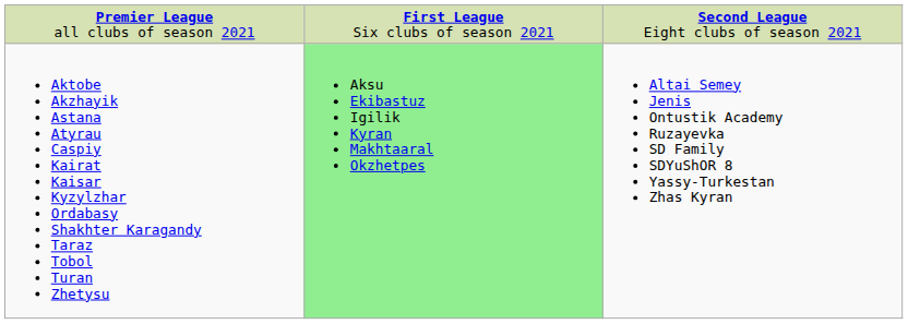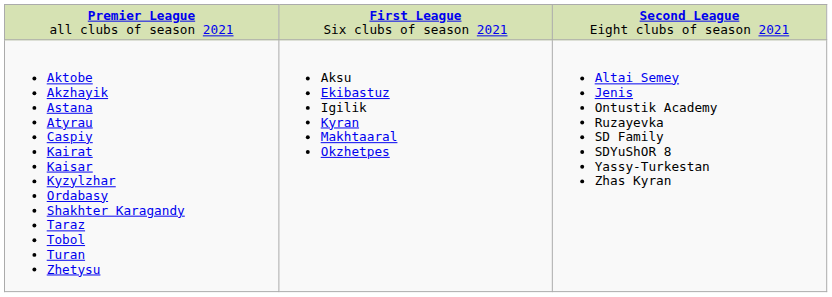 <table class="wikitable">
 <tr valign="top" bgcolor="#D6E2B3">
 <td align="center" width="25%"><strong><a href='#'>Premier League</a></strong><br>all clubs of season <a href='#'>2021</a></td>
 <td align="center" width="25%"><strong><a href='#'>First League</a></strong><br>Six clubs of season <a href='#'>2021</a></td>
 <td align="center" width="25%"><strong><a href='#'>Second League</a></strong><br>Eight clubs of season <a href='#'>2021</a></td>
 </tr>
 <tr valign="top">
 <td><br><ul><li><a href='#'>Aktobe</a></li><li><a href='#'>Akzhayik</a></li><li><a href='#'>Astana</a></li><li><a href='#'>Atyrau</a></li><li><a href='#'>Caspiy</a></li><li><a href='#'>Kairat</a></li><li><a href='#'>Kaisar</a></li><li><a href='#'>Kyzylzhar</a></li><li><a href='#'>Ordabasy</a></li><li><a href='#'>Shakhter Karagandy</a></li><li><a href='#'>Taraz</a></li><li><a href='#'>Tobol</a></li><li><a href='#'>Turan</a></li><li><a href='#'>Zhetysu</a></li></ul></td>
-<td style="background: lightgreen;"><br><ul><li>Aksu</li><li><a href='#'>Ekibastuz</a></li><li>Igilik</li><li><a href='#'>Kyran</a></li><li><a href='#'>Makhtaaral</a></li><li><a href='#'>Okzhetpes</a></li></ul></td>
+<td><br><ul><li>Aksu</li><li><a href='#'>Ekibastuz</a></li><li>Igilik</li><li><a href='#'>Kyran</a></li><li><a href='#'>Makhtaaral</a></li><li><a href='#'>Okzhetpes</a></li></ul></td>
 <td><br><ul><li><a href='#'>Altai Semey</a></li><li><a href='#'>Jenis</a></li><li>Ontustik Academy</li><li>Ruzayevka</li><li>SD Family</li><li>SDYuShOR 8</li><li>Yassy-Turkestan</li><li>Zhas Kyran</li></ul></td>
 </tr>
 </table>
